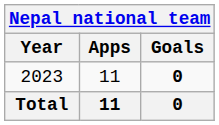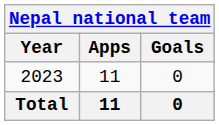 <table class=wikitable style=text-align:center>
 <tr>
 <th colspan=3><a href='#'>Nepal national team</a></th>
 </tr>
 <tr>
 <th>Year</th>
 <th>Apps</th>
 <th>Goals</th>
 </tr>
 <tr>
 <td>2023</td>
 <td>11</td>
-<td><strong>0</strong></td>
+<td>0</td>
 </tr>
 <tr>
 <th colspan=1>Total</th>
 <th>11</th>
 <th>0</th>
 </tr>
 </table>
